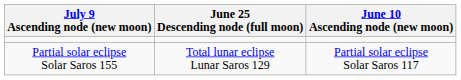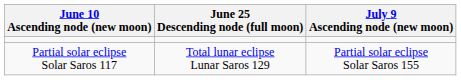 <table class="wikitable">
 <tr>
+<th><a href='#'>June 10</a><br>Ascending node (new moon)<br></th>
+<th>June 25<br>Descending node (full moon)</th>
 <th><a href='#'>July 9</a><br>Ascending node (new moon)<br></th>
-<th>June 25<br>Descending node (full moon)</th>
-<th><a href='#'>June 10</a><br>Ascending node (new moon)<br></th>
 </tr>
 <tr>
 <td></td>
 <td></td>
 <td></td>
 </tr>
 <tr align=center>
+<td><a href='#'>Partial solar eclipse</a><br>Solar Saros 117</td>
+<td><a href='#'>Total lunar eclipse</a><br>Lunar Saros 129</td>
 <td><a href='#'>Partial solar eclipse</a><br>Solar Saros 155</td>
-<td><a href='#'>Total lunar eclipse</a><br>Lunar Saros 129</td>
-<td><a href='#'>Partial solar eclipse</a><br>Solar Saros 117</td>
 </tr>
 </table>
